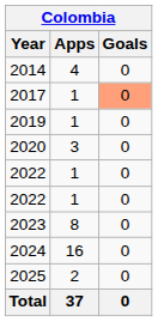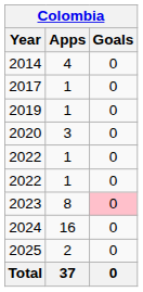 <table class="wikitable" style="text-align:center">
 <tr>
 <th colspan=3><a href='#'>Colombia</a></th>
 </tr>
 <tr>
 <th>Year</th>
 <th>Apps</th>
 <th>Goals</th>
 </tr>
 <tr>
 <td>2014</td>
 <td>4</td>
 <td>0</td>
 </tr>
 <tr>
 <td>2017</td>
 <td>1</td>
-<td style="background: lightsalmon;">0</td>
+<td>0</td>
 </tr>
 <tr>
 <td>2019</td>
 <td>1</td>
 <td>0</td>
 </tr>
 <tr>
 <td>2020</td>
 <td>3</td>
 <td>0</td>
 </tr>
 <tr>
 <td>2022</td>
 <td>1</td>
 <td>0</td>
 </tr>
 <tr>
 <td>2022</td>
 <td>1</td>
 <td>0</td>
 </tr>
 <tr>
 <td>2023</td>
 <td>8</td>
-<td>0</td>
+<td style="background: pink;">0</td>
 </tr>
 <tr>
 <td>2024</td>
 <td>16</td>
 <td>0</td>
 </tr>
 <tr>
 <td>2025</td>
 <td>2</td>
 <td>0</td>
 </tr>
 <tr>
 <th>Total</th>
 <th>37</th>
 <th>0</th>
 </tr>
 </table>
